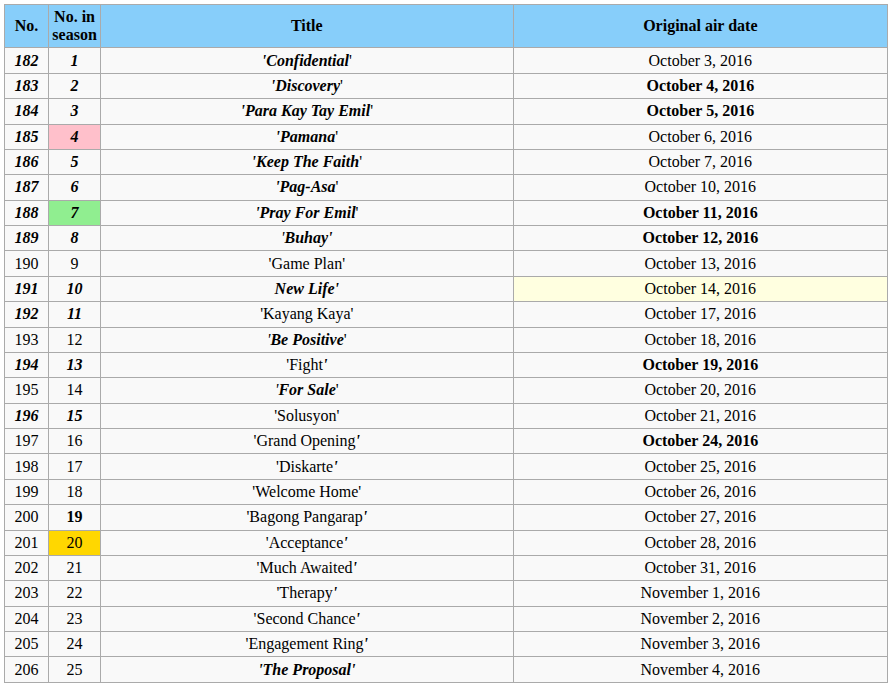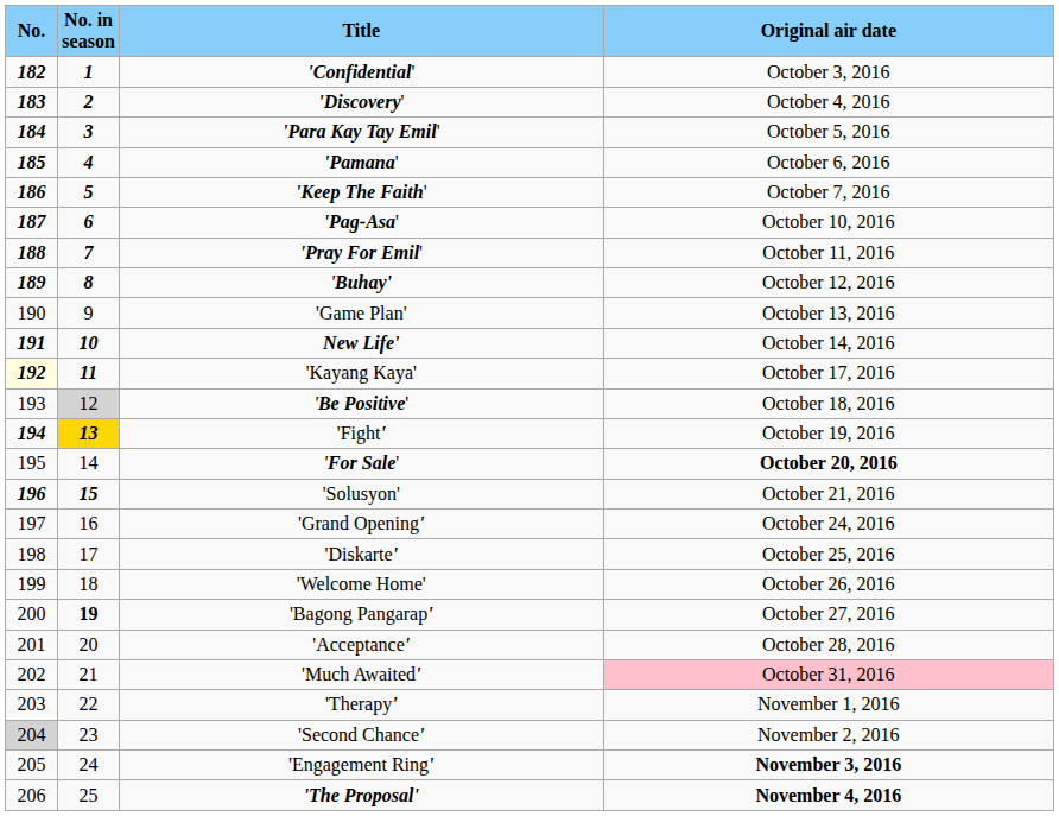 <table style="text-align:center; font-size:100%; line-height:18px;" class="wikitable" width="100%">
 <tr>
 <th style="background:#87CEFA; color:#000000" width=5%>No.</th>
 <th style="background:#87CEFA; color:#000000" width=5%>No. in season</th>
 <th style="background:#87CEFA; color:#000000">Title</th>
 <th style="background:#87CEFA; color:#000000">Original air date</th>
 </tr>
 <tr>
 <td><strong><em>182</em></strong></td>
 <td><strong><em>1</em></strong></td>
 <td><strong><em>'Confidential</em></strong>'</td>
 <td>October 3, 2016</td>
 </tr>
 <tr>
 <td><strong><em>183</em></strong></td>
 <td><strong><em>2</em></strong></td>
 <td><strong><em>'Discovery</em></strong>'</td>
-<td><strong>October 4, 2016</strong></td>
+<td>October 4, 2016</td>
 </tr>
 <tr>
 <td><strong><em>184</em></strong></td>
 <td><strong><em>3</em></strong></td>
 <td><strong><em>'Para Kay Tay Emil</em></strong>'</td>
-<td><strong>October 5, 2016</strong></td>
+<td>October 5, 2016</td>
 </tr>
 <tr>
 <td><strong><em>185</em></strong></td>
-<td style="background: pink;"><strong><em>4</em></strong></td>
+<td><strong><em>4</em></strong></td>
 <td><strong><em>'Pamana</em></strong>'</td>
 <td>October 6, 2016</td>
 </tr>
 <tr>
 <td><strong><em>186</em></strong></td>
 <td><strong><em>5</em></strong></td>
 <td><strong><em>'Keep The Faith</em></strong>'</td>
 <td>October 7, 2016</td>
 </tr>
 <tr>
 <td><strong><em>187</em></strong></td>
 <td><strong><em>6</em></strong></td>
 <td><strong><em>'Pag-Asa</em></strong>'</td>
 <td>October 10, 2016</td>
 </tr>
 <tr>
 <td><strong><em>188</em></strong></td>
-<td style="background: lightgreen;"><strong><em>7</em></strong></td>
+<td><strong><em>7</em></strong></td>
 <td><strong><em>'Pray For Emil</em></strong>'</td>
-<td><strong>October 11, 2016</strong></td>
+<td>October 11, 2016</td>
 </tr>
 <tr>
 <td><strong><em>189</em></strong></td>
 <td><strong><em>8</em></strong></td>
 <td><em>'<strong>Buhay<strong><em>'</td>
-<td><strong>October 12, 2016</strong></td>
+<td>October 12, 2016</td>
 </tr>
 <tr>
 <td></em></strong>190<strong><em></td>
 <td></em></strong>9<strong><em></td>
 <td></em>'</strong>Game Plan</em></strong>'</td>
 <td>October 13, 2016</td>
 </tr>
 <tr>
 <td><strong><em>191</em></strong></td>
 <td><strong><em>10</em></strong></td>
 <td><em><strong><strong><em>New Life</em></strong>'</td>
-<td style="background: lightyellow;">October 14, 2016</td>
+<td>October 14, 2016</td>
 </tr>
 <tr>
-<td><strong><em>192</em></strong></td>
+<td style="background: lightyellow;"><strong><em>192</em></strong></td>
 <td><strong><em>11</em></strong></td>
 <td></strong></em>'Kayang Kaya'<strong><em></td>
 <td>October 17, 2016</td>
 </tr>
 <tr>
 <td></em></strong>193<strong><em></td>
-<td></em></strong>12<strong><em></td>
+<td style="background: lightgrey;"></em></strong>12<strong><em></td>
 <td><em>'<strong>Be Positive</em></strong>'</td>
 <td>October 18, 2016</td>
 </tr>
 <tr>
 <td><strong><em>194</em></strong></td>
-<td><strong><em>13</em></strong></td>
+<td style="background: gold;"><strong><em>13</em></strong></td>
 <td></em>'</strong>Fight<strong><em>'</td>
-<td><strong>October 19, 2016</strong></td>
+<td>October 19, 2016</td>
 </tr>
 <tr>
 <td></em></strong>195<strong><em></td>
 <td></em></strong>14<strong><em></td>
 <td><em>'<strong>For Sale</em></strong>'</td>
-<td>October 20, 2016</td>
+<td><strong>October 20, 2016</strong></td>
 </tr>
 <tr>
 <td><strong><em>196</em></strong></td>
 <td><strong><em>15</em></strong></td>
 <td></em>'</strong>Solusyon'<strong><em></td>
 <td>October 21, 2016</td>
 </tr>
 <tr>
 <td></em></strong>197<strong><em></td>
 <td></em></strong>16<strong><em></td>
 <td></em></strong>'Grand Opening<strong><em>'</td>
-<td><strong>October 24, 2016</strong></td>
+<td>October 24, 2016</td>
 </tr>
 <tr>
 <td></em></strong>198<strong><em></td>
 <td></em></strong>17<strong><em></td>
 <td></em></strong>'Diskarte<strong><em>'</td>
 <td>October 25, 2016</td>
 </tr>
 <tr>
 <td></em></strong>199<strong><em></td>
 <td></em></strong>18<strong><em></td>
 <td></em></strong>'Welcome Home' <strong><em></td>
 <td>October 26, 2016</td>
 </tr>
 <tr>
 <td></em></strong>200<strong><em></td>
 <td><strong>19</strong></td>
 <td></em></strong>'Bagong Pangarap<strong><em>'</td>
 <td>October 27, 2016</td>
 </tr>
 <tr>
 <td></em></strong>201<strong><em></td>
-<td style="background: gold;"></em></strong>20<strong><em></td>
+<td></em></strong>20<strong><em></td>
 <td></em></strong>'Acceptance<strong><em>'</td>
 <td>October 28, 2016</td>
 </tr>
 <tr>
 <td></em></strong>202<strong><em></td>
 <td></em></strong>21<strong><em></td>
 <td></em></strong>'Much Awaited<strong><em>'</td>
-<td>October 31, 2016</td>
+<td style="background: pink;">October 31, 2016</td>
 </tr>
 <tr>
 <td></em></strong>203<strong><em></td>
 <td></em></strong>22<strong><em></td>
 <td></em></strong>'Therapy<strong><em>'</td>
 <td>November 1, 2016</td>
 </tr>
 <tr>
-<td></em></strong>204<strong><em></td>
+<td style="background: lightgrey;"></em></strong>204<strong><em></td>
 <td></em></strong>23<strong><em></td>
 <td></em></strong>'Second Chance<strong><em>'</td>
 <td>November 2, 2016</td>
 </tr>
 <tr>
 <td></em></strong>205<strong><em></td>
 <td></em></strong>24<strong><em></td>
 <td></em></strong>'Engagement Ring<strong><em>'</td>
-<td>November 3, 2016</td>
+<td><strong>November 3, 2016</strong></td>
 </tr>
 <tr>
 <td></em></strong>206<strong><em></td>
 <td></em></strong>25<strong><em></td>
 <td><strong><em>'The Proposal'</em></strong></td>
-<td>November 4, 2016</td>
+<td><strong>November 4, 2016</strong></td>
 </tr>
 <tr>
 </tr>
 </table>
